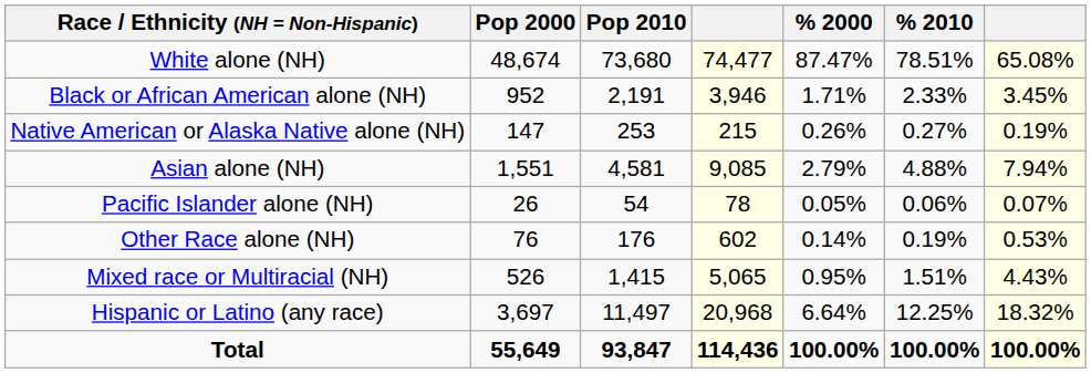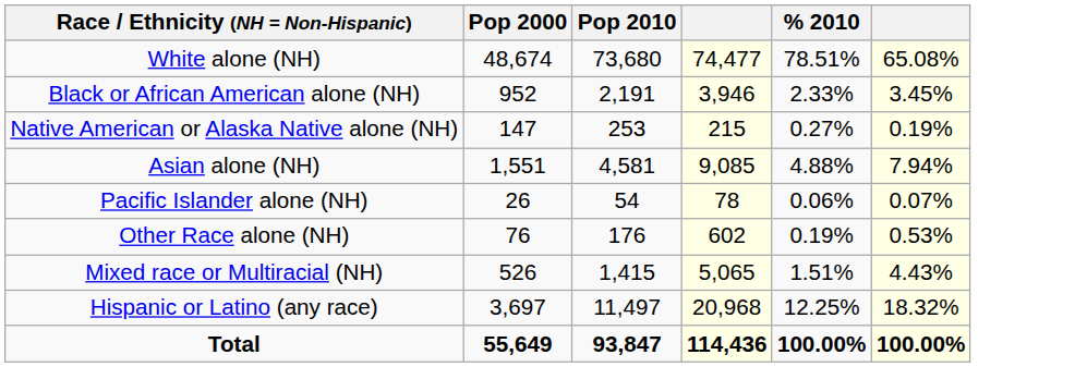 <table class="wikitable" style="text-align:center;">
 <tr>
 <th>Race / Ethnicity <small>(<em>NH = Non-Hispanic</em>)</small></th>
 <th>Pop 2000</th>
 <th>Pop 2010</th>
 <th></th>
-<th>% 2000</th>
 <th>% 2010</th>
 <th></th>
 </tr>
 <tr>
 <td><a href='#'>White</a> alone (NH)</td>
 <td>48,674</td>
 <td>73,680</td>
 <td style='background: #ffffe6;'>74,477</td>
-<td>87.47%</td>
 <td>78.51%</td>
 <td style='background: #ffffe6;'>65.08%</td>
 </tr>
 <tr>
 <td><a href='#'>Black or African American</a> alone (NH)</td>
 <td>952</td>
 <td>2,191</td>
 <td style='background: #ffffe6;'>3,946</td>
-<td>1.71%</td>
 <td>2.33%</td>
 <td style='background: #ffffe6;'>3.45%</td>
 </tr>
 <tr>
 <td><a href='#'>Native American</a> or <a href='#'>Alaska Native</a> alone (NH)</td>
 <td>147</td>
 <td>253</td>
 <td style='background: #ffffe6;'>215</td>
-<td>0.26%</td>
 <td>0.27%</td>
 <td style='background: #ffffe6;'>0.19%</td>
 </tr>
 <tr>
 <td><a href='#'>Asian</a> alone (NH)</td>
 <td>1,551</td>
 <td>4,581</td>
 <td style='background: #ffffe6;'>9,085</td>
-<td>2.79%</td>
 <td>4.88%</td>
 <td style='background: #ffffe6;'>7.94%</td>
 </tr>
 <tr>
 <td><a href='#'>Pacific Islander</a> alone (NH)</td>
 <td>26</td>
 <td>54</td>
 <td style='background: #ffffe6;'>78</td>
-<td>0.05%</td>
 <td>0.06%</td>
 <td style='background: #ffffe6;'>0.07%</td>
 </tr>
 <tr>
 <td><a href='#'>Other Race</a> alone (NH)</td>
 <td>76</td>
 <td>176</td>
 <td style='background: #ffffe6;'>602</td>
-<td>0.14%</td>
 <td>0.19%</td>
 <td style='background: #ffffe6;'>0.53%</td>
 </tr>
 <tr>
 <td><a href='#'>Mixed race or Multiracial</a> (NH)</td>
 <td>526</td>
 <td>1,415</td>
 <td style='background: #ffffe6;'>5,065</td>
-<td>0.95%</td>
 <td>1.51%</td>
 <td style='background: #ffffe6;'>4.43%</td>
 </tr>
 <tr>
 <td><a href='#'>Hispanic or Latino</a> (any race)</td>
 <td>3,697</td>
 <td>11,497</td>
 <td style='background: #ffffe6;'>20,968</td>
-<td>6.64%</td>
 <td>12.25%</td>
 <td style='background: #ffffe6;'>18.32%</td>
 </tr>
 <tr>
 <td><strong>Total</strong></td>
 <td><strong>55,649</strong></td>
 <td><strong>93,847</strong></td>
 <td style='background: #ffffe6;'><strong>114,436</strong></td>
 <td><strong>100.00%</strong></td>
-<td><strong>100.00%</strong></td>
 <td style='background: #ffffe6;'><strong>100.00%</strong></td>
 </tr>
 </table>
